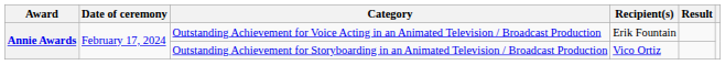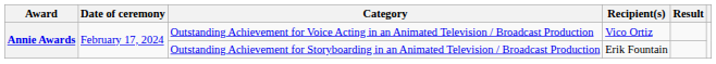 <table class="wikitable sortable plainrowheaders col6center">
 <tr>
 <th scope="col">Award</th>
 <th scope="col">Date of ceremony</th>
 <th scope="col">Category</th>
 <th scope="col">Recipient(s)</th>
 <th scope="col">Result</th>
 <th scope="col" class="unsortable"></th>
 </tr>
 <tr>
 <th rowspan="2" scope="row"><a href='#'>Annie Awards</a></th>
 <td rowspan="2"><a href='#'>February 17, 2024</a></td>
 <td><a href='#'>Outstanding Achievement for Voice Acting in an Animated Television / Broadcast Production</a></td>
-<td>Erik Fountain</td>
+<td><a href='#'>Vico Ortiz</a></td>
 <td></td>
 <td rowspan="2"></td>
 </tr>
 <tr>
 <td><a href='#'>Outstanding Achievement for Storyboarding in an Animated Television / Broadcast Production</a></td>
-<td><a href='#'>Vico Ortiz</a></td>
+<td>Erik Fountain</td>
 <td></td>
 </tr>
 </table>
